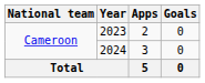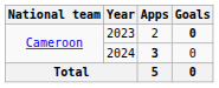 <table class=wikitable style="text-align: center">
 <tr>
 <th>National team</th>
 <th>Year</th>
 <th>Apps</th>
 <th>Goals</th>
 </tr>
 <tr>
 <td rowspan=2><a href='#'>Cameroon</a></td>
 <td>2023</td>
 <td>2</td>
-<td>0</td>
+<td><strong>0</strong></td>
 </tr>
 <tr>
 <td>2024</td>
-<td>3</td>
+<td><strong>3</strong></td>
 <td>0</td>
 </tr>
 <tr>
 <th colspan=2>Total</th>
 <th>5</th>
 <th>0</th>
 </tr>
 </table>
